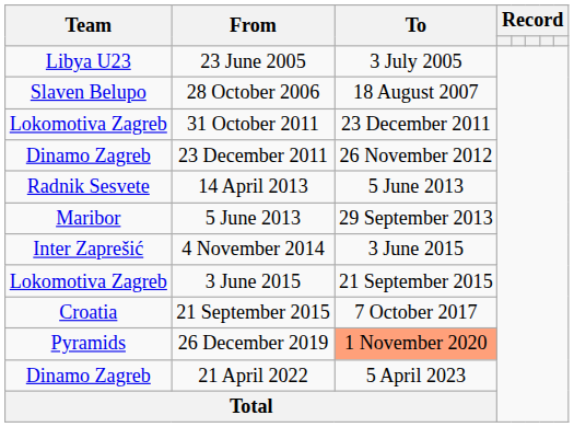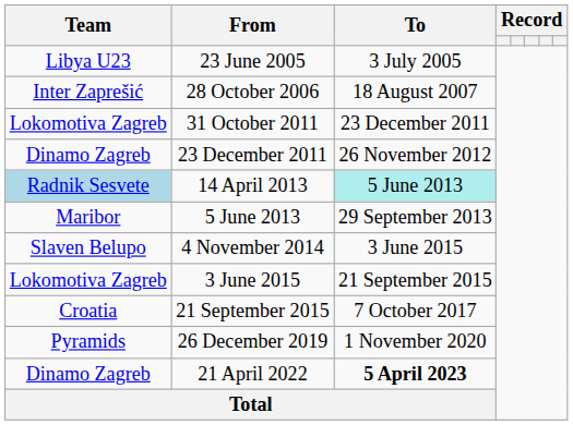 <table class="wikitable" style="text-align:center">
 <tr>
 <th rowspan="2">Team</th>
 <th rowspan="2">From</th>
 <th rowspan="2">To</th>
 <th colspan="8">Record</th>
 </tr>
 <tr>
 <th></th>
 <th></th>
 <th></th>
 <th></th>
 <th></th>
 </tr>
 <tr>
 <td><a href='#'>Libya U23</a></td>
 <td>23 June 2005</td>
 <td>3 July 2005<br></td>
 </tr>
 <tr>
-<td><a href='#'>Slaven Belupo</a></td>
+<td><a href='#'>Inter Zaprešić</a></td>
 <td>28 October 2006</td>
 <td>18 August 2007<br></td>
 </tr>
 <tr>
 <td><a href='#'>Lokomotiva Zagreb</a></td>
 <td>31 October 2011</td>
 <td>23 December 2011<br></td>
 </tr>
 <tr>
 <td><a href='#'>Dinamo Zagreb</a></td>
 <td>23 December 2011</td>
 <td>26 November 2012<br></td>
 </tr>
 <tr>
-<td><a href='#'>Radnik Sesvete</a></td>
+<td style="background: lightblue;"><a href='#'>Radnik Sesvete</a></td>
 <td>14 April 2013</td>
-<td>5 June 2013<br></td>
+<td style="background: paleturquoise;">5 June 2013<br></td>
 </tr>
 <tr>
 <td><a href='#'>Maribor</a></td>
 <td>5 June 2013</td>
 <td>29 September 2013<br></td>
 </tr>
 <tr>
-<td><a href='#'>Inter Zaprešić</a></td>
+<td><a href='#'>Slaven Belupo</a></td>
 <td>4 November 2014</td>
 <td>3 June 2015<br></td>
 </tr>
 <tr>
 <td><a href='#'>Lokomotiva Zagreb</a></td>
 <td>3 June 2015</td>
 <td>21 September 2015<br></td>
 </tr>
 <tr>
 <td><a href='#'>Croatia</a></td>
 <td>21 September 2015</td>
 <td>7 October 2017<br></td>
 </tr>
 <tr>
 <td><a href='#'>Pyramids</a></td>
 <td>26 December 2019</td>
-<td style="background: lightsalmon;">1 November  2020<br></td>
+<td>1 November  2020<br></td>
 </tr>
 <tr>
 <td><a href='#'>Dinamo Zagreb</a></td>
 <td>21 April 2022</td>
-<td>5 April 2023<br></td>
+<td><strong>5 April 2023<br></strong></td>
 </tr>
 <tr>
 <th colspan="3">Total<br></th>
 </tr>
 </table>
